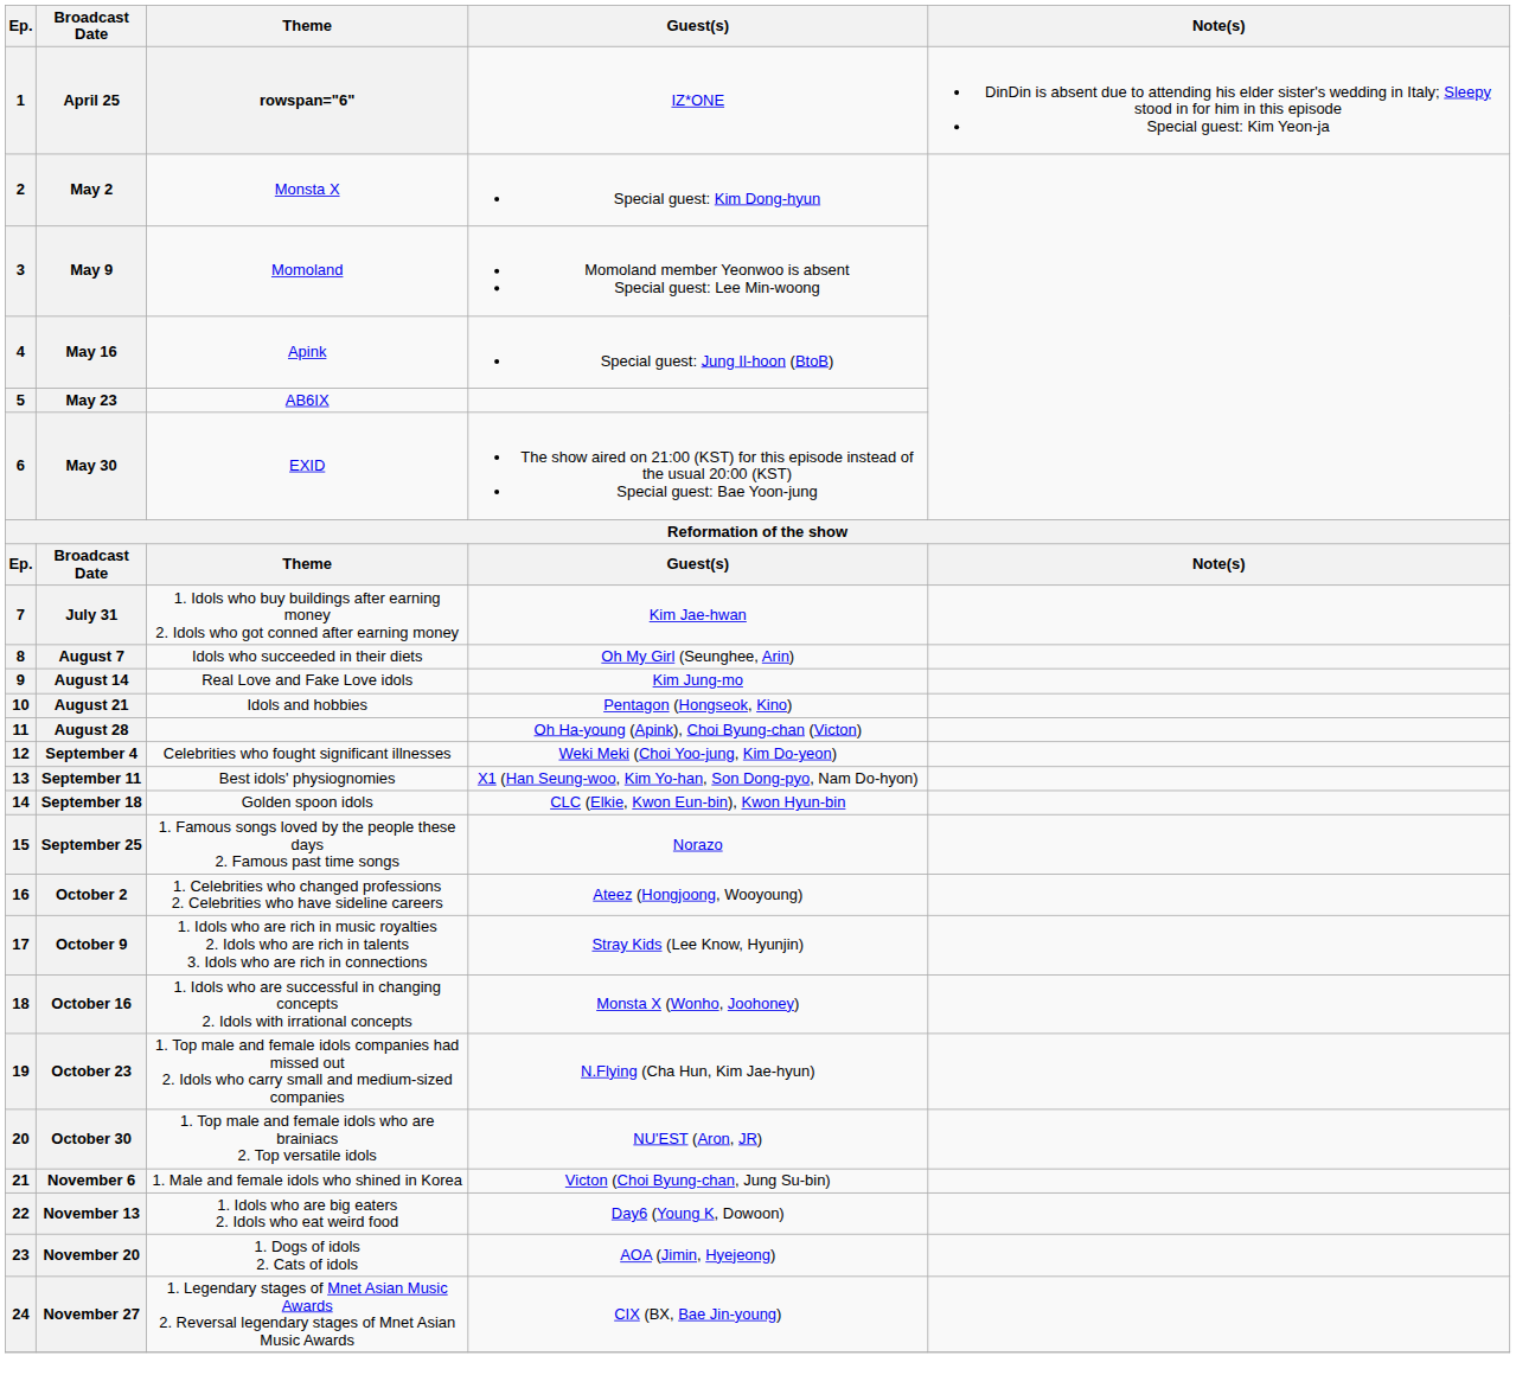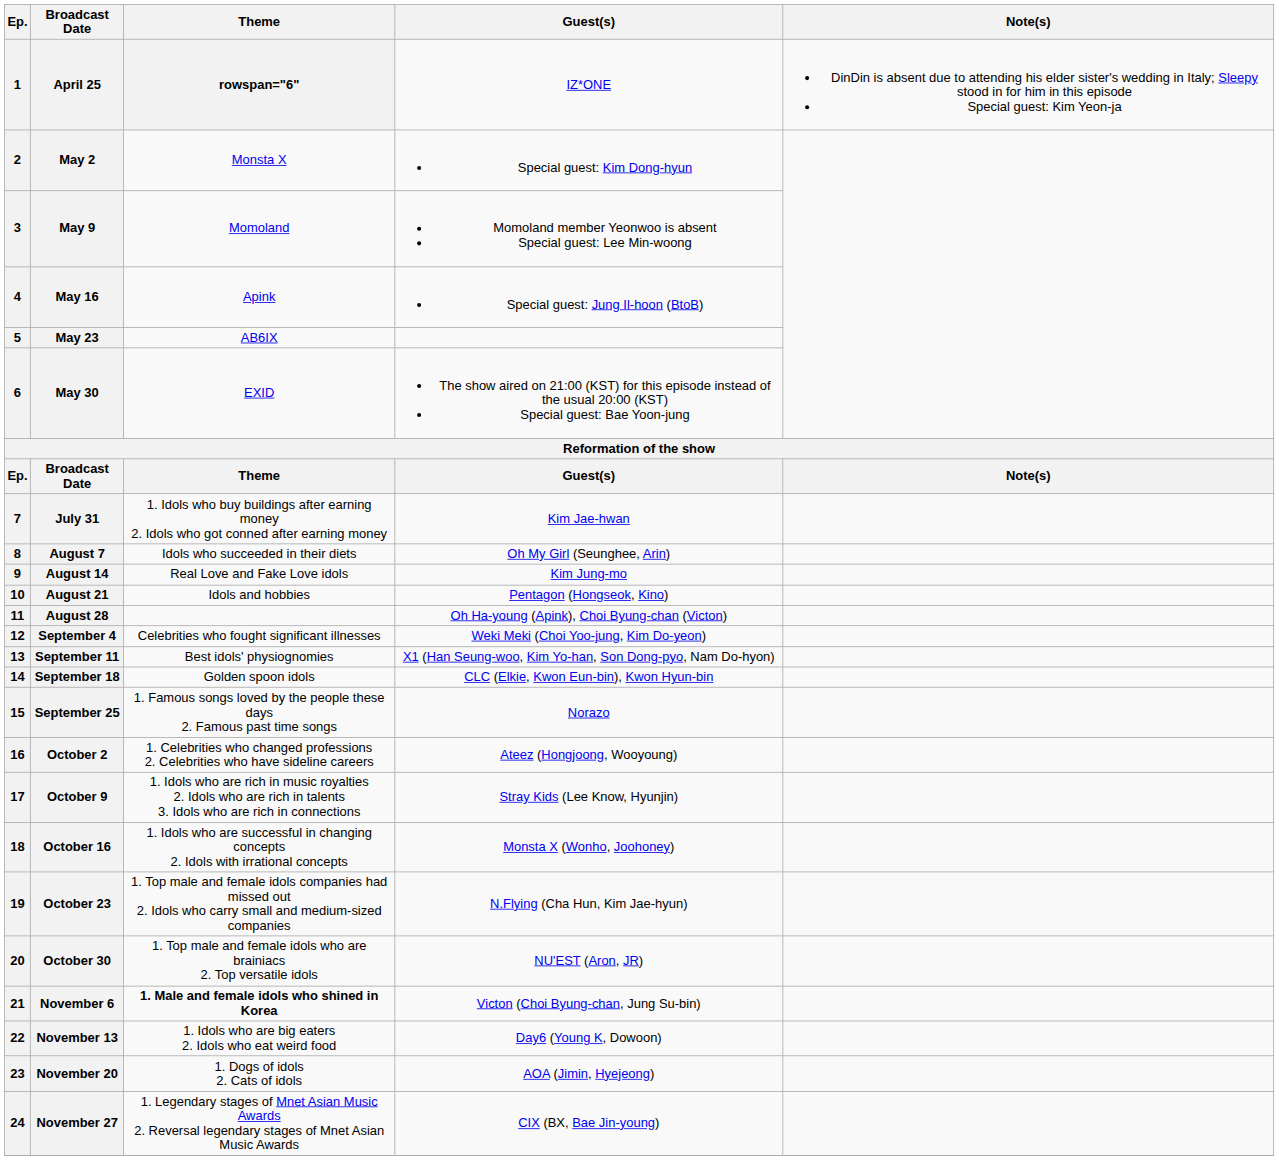 <table Class ="wikitable" style="text-align:center">
 <tr>
 <th>Ep.</th>
 <th>Broadcast Date</th>
 <th>Theme</th>
 <th>Guest(s)</th>
 <th>Note(s)</th>
 </tr>
 <tr>
 <th>1</th>
 <th>April 25</th>
 <th>rowspan="6" </th>
 <td><a href='#'>IZ*ONE</a></td>
 <td><br><ul><li>DinDin is absent due to attending his elder sister's wedding in Italy; <a href='#'>Sleepy</a> stood in for him in this episode</li><li>Special guest: Kim Yeon-ja</li></ul></td>
 </tr>
 <tr>
 <th>2</th>
 <th>May 2</th>
 <td><a href='#'>Monsta X</a></td>
 <td><br><ul><li>Special guest: <a href='#'>Kim Dong-hyun</a></li></ul></td>
 </tr>
 <tr>
 <th>3</th>
 <th>May 9</th>
 <td><a href='#'>Momoland</a></td>
 <td><br><ul><li>Momoland member Yeonwoo is absent</li><li>Special guest: Lee Min-woong</li></ul></td>
 </tr>
 <tr>
 <th>4</th>
 <th>May 16</th>
 <td><a href='#'>Apink</a></td>
 <td><br><ul><li>Special guest: <a href='#'>Jung Il-hoon</a> (<a href='#'>BtoB</a>)</li></ul></td>
 </tr>
 <tr>
 <th>5</th>
 <th>May 23</th>
 <td><a href='#'>AB6IX</a></td>
 <td></td>
 </tr>
 <tr>
 <th>6</th>
 <th>May 30</th>
 <td><a href='#'>EXID</a></td>
 <td><br><ul><li>The show aired on 21:00 (KST) for this episode instead of the usual 20:00 (KST)</li><li>Special guest: Bae Yoon-jung</li></ul></td>
 </tr>
 <tr>
 <th colspan="5">Reformation of the show</th>
 </tr>
 <tr>
 <th>Ep.</th>
 <th>Broadcast Date</th>
 <th>Theme</th>
 <th>Guest(s)</th>
 <th>Note(s)</th>
 </tr>
 <tr>
 <th>7</th>
 <th>July 31</th>
 <td>1. Idols who buy buildings after earning money<br>2. Idols who got conned after earning money</td>
 <td><a href='#'>Kim Jae-hwan</a></td>
 <td></td>
 </tr>
 <tr>
 <th>8</th>
 <th>August 7</th>
 <td>Idols who succeeded in their diets</td>
 <td><a href='#'>Oh My Girl</a> (Seunghee, <a href='#'>Arin</a>)</td>
 <td></td>
 </tr>
 <tr>
 <th>9</th>
 <th>August 14</th>
 <td>Real Love and Fake Love idols</td>
 <td><a href='#'>Kim Jung-mo</a></td>
 <td></td>
 </tr>
 <tr>
 <th>10</th>
 <th>August 21</th>
 <td>Idols and hobbies</td>
 <td><a href='#'>Pentagon</a> (<a href='#'>Hongseok</a>, <a href='#'>Kino</a>)</td>
 <td></td>
 </tr>
 <tr>
 <th>11</th>
 <th>August 28</th>
 <td></td>
 <td><a href='#'>Oh Ha-young</a> (<a href='#'>Apink</a>), <a href='#'>Choi Byung-chan</a> (<a href='#'>Victon</a>)</td>
 <td></td>
 </tr>
 <tr>
 <th>12</th>
 <th>September 4</th>
 <td>Celebrities who fought significant illnesses</td>
 <td><a href='#'>Weki Meki</a> (<a href='#'>Choi Yoo-jung</a>, <a href='#'>Kim Do-yeon</a>)</td>
 <td></td>
 </tr>
 <tr>
 <th>13</th>
 <th>September 11</th>
 <td>Best idols' physiognomies</td>
 <td><a href='#'>X1</a> (<a href='#'>Han Seung-woo</a>, <a href='#'>Kim Yo-han</a>, <a href='#'>Son Dong-pyo</a>, Nam Do-hyon)</td>
 <td></td>
 </tr>
 <tr>
 <th>14</th>
 <th>September 18</th>
 <td>Golden spoon idols</td>
 <td><a href='#'>CLC</a> (<a href='#'>Elkie</a>, <a href='#'>Kwon Eun-bin</a>), <a href='#'>Kwon Hyun-bin</a></td>
 <td></td>
 </tr>
 <tr>
 <th>15</th>
 <th>September 25</th>
 <td>1. Famous songs loved by the people these days<br>2. Famous past time songs</td>
 <td><a href='#'>Norazo</a></td>
 <td></td>
 </tr>
 <tr>
 <th>16</th>
 <th>October 2</th>
 <td>1. Celebrities who changed professions<br>2. Celebrities who have sideline careers</td>
 <td><a href='#'>Ateez</a> (<a href='#'>Hongjoong</a>, Wooyoung)</td>
 <td></td>
 </tr>
 <tr>
 <th>17</th>
 <th>October 9</th>
 <td>1. Idols who are rich in music royalties<br>2. Idols who are rich in talents<br>3. Idols who are rich in connections</td>
 <td><a href='#'>Stray Kids</a> (Lee Know, Hyunjin)</td>
 <td></td>
 </tr>
 <tr>
 <th>18</th>
 <th>October 16</th>
 <td>1. Idols who are successful in changing concepts<br>2. Idols with irrational concepts</td>
 <td><a href='#'>Monsta X</a> (<a href='#'>Wonho</a>, <a href='#'>Joohoney</a>)</td>
 <td></td>
 </tr>
 <tr>
 <th>19</th>
 <th>October 23</th>
 <td>1. Top male and female idols companies had missed out<br>2. Idols who carry small and medium-sized companies</td>
 <td><a href='#'>N.Flying</a> (Cha Hun, Kim Jae-hyun)</td>
 <td></td>
 </tr>
 <tr>
 <th>20</th>
 <th>October 30</th>
 <td>1. Top male and female idols who are brainiacs<br>2. Top versatile idols</td>
 <td><a href='#'>NU'EST</a> (<a href='#'>Aron</a>, <a href='#'>JR</a>)</td>
 <td></td>
 </tr>
 <tr>
 <th>21</th>
 <th>November 6</th>
-<td>1. Male and female idols who shined in Korea</td>
+<td><strong>1. Male and female idols who shined in Korea</strong></td>
 <td><a href='#'>Victon</a> (<a href='#'>Choi Byung-chan</a>, Jung Su-bin)</td>
 <td></td>
 </tr>
 <tr>
 <th>22</th>
 <th>November 13</th>
 <td>1. Idols who are big eaters<br>2. Idols who eat weird food</td>
 <td><a href='#'>Day6</a> (<a href='#'>Young K</a>, Dowoon)</td>
 <td></td>
 </tr>
 <tr>
 <th>23</th>
 <th>November 20</th>
 <td>1. Dogs of idols<br>2. Cats of idols</td>
 <td><a href='#'>AOA</a> (<a href='#'>Jimin</a>, <a href='#'>Hyejeong</a>)</td>
 <td></td>
 </tr>
 <tr>
 <th>24</th>
 <th>November 27</th>
 <td>1. Legendary stages of <a href='#'>Mnet Asian Music Awards</a><br>2. Reversal legendary stages of Mnet Asian Music Awards</td>
 <td><a href='#'>CIX</a> (BX, <a href='#'>Bae Jin-young</a>)</td>
 <td></td>
 </tr>
 <tr>
 </tr>
 </table>
